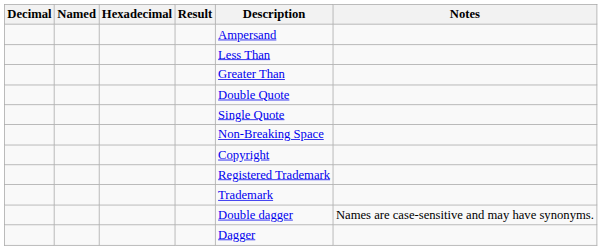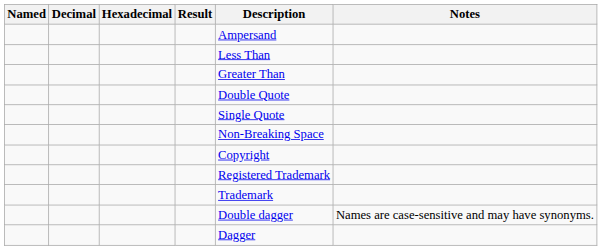 <table class="wikitable">
 <tr>
+<th>Named</th>
 <th>Decimal</th>
-<th>Named</th>
 <th>Hexadecimal</th>
 <th>Result</th>
 <th>Description</th>
 <th>Notes</th>
 </tr>
 <tr>
 <td></td>
 <td></td>
 <td></td>
 <td></td>
 <td><a href='#'>Ampersand</a></td>
 <td></td>
 </tr>
 <tr>
 <td></td>
 <td></td>
 <td></td>
 <td></td>
 <td><a href='#'>Less Than</a></td>
 <td></td>
 </tr>
 <tr>
 <td></td>
 <td></td>
 <td></td>
 <td></td>
 <td><a href='#'>Greater Than</a></td>
 <td></td>
 </tr>
 <tr>
 <td></td>
 <td></td>
 <td></td>
 <td></td>
 <td><a href='#'>Double Quote</a></td>
 <td></td>
 </tr>
 <tr>
 <td></td>
 <td></td>
 <td></td>
 <td></td>
 <td><a href='#'>Single Quote</a></td>
 <td></td>
 </tr>
 <tr>
 <td></td>
 <td></td>
 <td></td>
 <td><code> </code></td>
 <td><a href='#'>Non-Breaking Space</a></td>
 <td></td>
 </tr>
 <tr>
 <td></td>
 <td></td>
 <td></td>
 <td></td>
 <td><a href='#'>Copyright</a></td>
 <td></td>
 </tr>
 <tr>
 <td></td>
 <td></td>
 <td></td>
 <td></td>
 <td><a href='#'>Registered Trademark</a></td>
 <td></td>
 </tr>
 <tr>
 <td></td>
 <td></td>
 <td></td>
 <td></td>
 <td><a href='#'>Trademark</a></td>
 <td></td>
 </tr>
 <tr>
 <td></td>
 <td></td>
 <td></td>
 <td></td>
 <td><a href='#'>Double dagger</a></td>
 <td>Names are case-sensitive and may have synonyms.</td>
 </tr>
 <tr>
 <td></td>
 <td></td>
 <td></td>
 <td></td>
 <td><a href='#'>Dagger</a></td>
 <td></td>
 </tr>
 </table>
